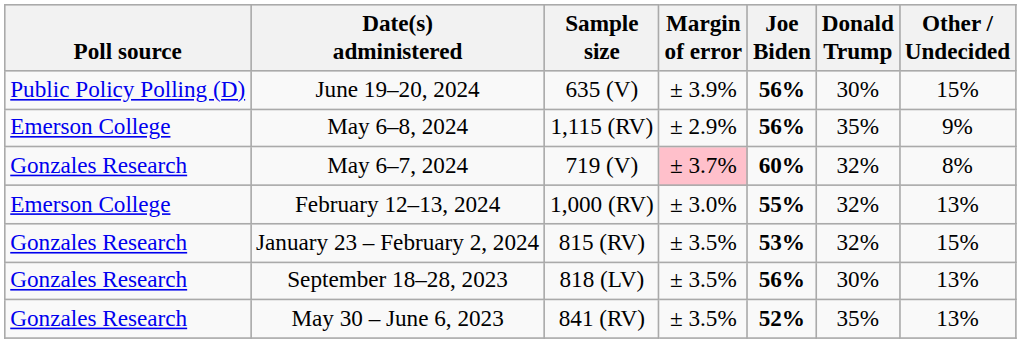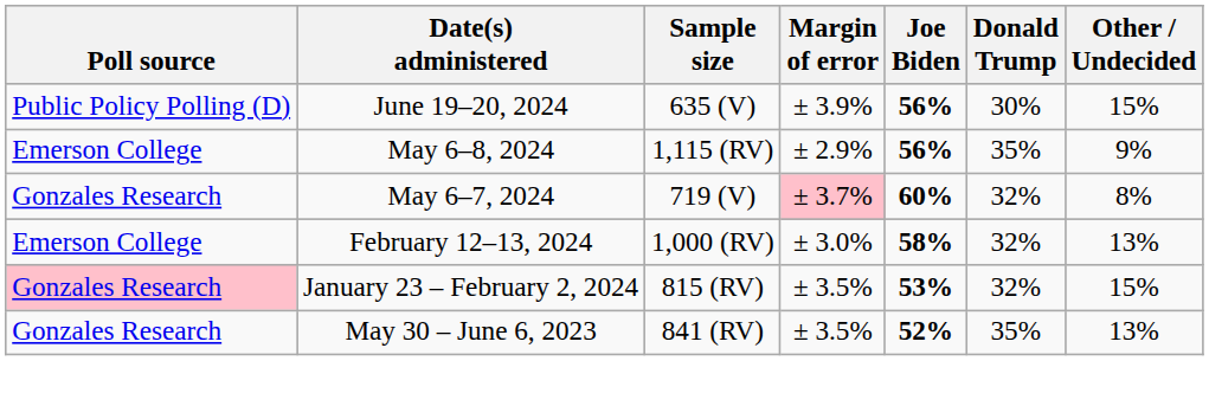 <table class="wikitable sortable mw-datatable" style="font-size:90%;text-align:center;line-height:17px">
 <tr valign=bottom>
 <th>Poll source</th>
 <th>Date(s)<br>administered</th>
 <th>Sample<br>size</th>
 <th>Margin<br>of error</th>
 <th class="unsortable">Joe<br>Biden<br></th>
 <th class="unsortable">Donald<br>Trump<br></th>
 <th class="unsortable">Other /<br>Undecided</th>
 </tr>
 <tr>
 <td style="text-align:left;"><a href='#'>Public Policy Polling (D)</a></td>
 <td data-sort-value=2024-06-20>June 19–20, 2024</td>
 <td>635 (V)</td>
 <td>± 3.9%</td>
 <td style="color:black;background-color:"><strong>56%</strong></td>
 <td>30%</td>
 <td>15%</td>
 </tr>
 <tr>
 <td style="text-align:left;"><a href='#'>Emerson College</a></td>
 <td data-sort-value=2024-05-09>May 6–8, 2024</td>
 <td>1,115 (RV)</td>
 <td>± 2.9%</td>
 <td style="color:black;background-color:"><strong>56%</strong></td>
 <td>35%</td>
 <td>9%</td>
 </tr>
 <tr>
 <td style="text-align:left;"><a href='#'>Gonzales Research</a></td>
 <td data-sort-value=2024-05-07>May 6–7, 2024</td>
 <td>719 (V)</td>
 <td style="background: pink;">± 3.7%</td>
 <td style="color:black;background-color:"><strong>60%</strong></td>
 <td>32%</td>
 <td>8%</td>
 </tr>
 <tr>
 <td style="text-align:left;"><a href='#'>Emerson College</a></td>
 <td data-sort-value=2024-02-13>February 12–13, 2024</td>
 <td>1,000 (RV)</td>
 <td>± 3.0%</td>
-<td style="color:black;background-color:"><strong>55%</strong></td>
+<td style="color:black;background-color:"><strong>58%</strong></td>
 <td>32%</td>
 <td>13%</td>
 </tr>
 <tr>
-<td style="text-align:left;"><a href='#'>Gonzales Research</a></td>
+<td style="background: pink; text-align:left;"><a href='#'>Gonzales Research</a></td>
 <td data-sort-value=2024-02-02>January 23 – February 2, 2024</td>
 <td>815 (RV)</td>
 <td>± 3.5%</td>
 <td style="color:black;background-color:"><strong>53%</strong></td>
 <td>32%</td>
 <td>15%</td>
-</tr>
-<tr>
-<td style="text-align:left;"><a href='#'>Gonzales Research</a></td>
-<td data-sort-value=2023-09-28>September 18–28, 2023</td>
-<td>818 (LV)</td>
-<td>± 3.5%</td>
-<td style="color:black;background-color:"><strong>56%</strong></td>
-<td>30%</td>
-<td>13%</td>
 </tr>
 <tr>
 <td style="text-align:left;"><a href='#'>Gonzales Research</a></td>
 <td data-sort-value=2023-06-06>May 30 – June 6, 2023</td>
 <td>841 (RV)</td>
 <td>± 3.5%</td>
 <td style="color:black;background-color:"><strong>52%</strong></td>
 <td>35%</td>
 <td>13%</td>
 </tr>
 </table>
